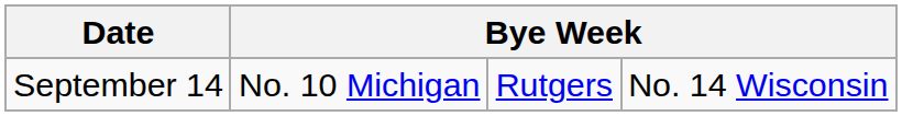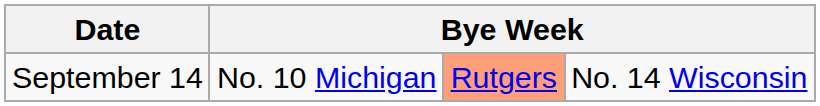 <table class="wikitable" style="font-size:95%;">
 <tr>
 <th>Date</th>
 <th colspan="3">Bye Week</th>
 </tr>
 <tr>
 <td>September 14</td>
 <td>No. 10 <a href='#'>Michigan</a></td>
-<td><a href='#'>Rutgers</a></td>
+<td style="background: lightsalmon;"><a href='#'>Rutgers</a></td>
 <td>No. 14 <a href='#'>Wisconsin</a></td>
 </tr>
 </table>
